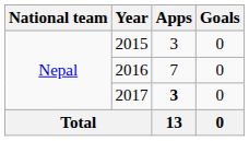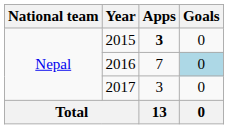 <table class="wikitable" style="text-align:center">
 <tr>
 <th>National team</th>
 <th>Year</th>
 <th>Apps</th>
 <th>Goals</th>
 </tr>
 <tr>
 <td rowspan="3"><a href='#'>Nepal</a></td>
 <td>2015</td>
-<td>3</td>
+<td><strong>3</strong></td>
 <td>0</td>
 </tr>
 <tr>
 <td>2016</td>
 <td>7</td>
-<td>0</td>
+<td style="background: lightblue;">0</td>
 </tr>
 <tr>
 <td>2017</td>
-<td><strong>3</strong></td>
+<td>3</td>
 <td>0</td>
 </tr>
 <tr>
 <th colspan=2>Total</th>
 <th>13</th>
 <th>0</th>
 </tr>
 </table>
